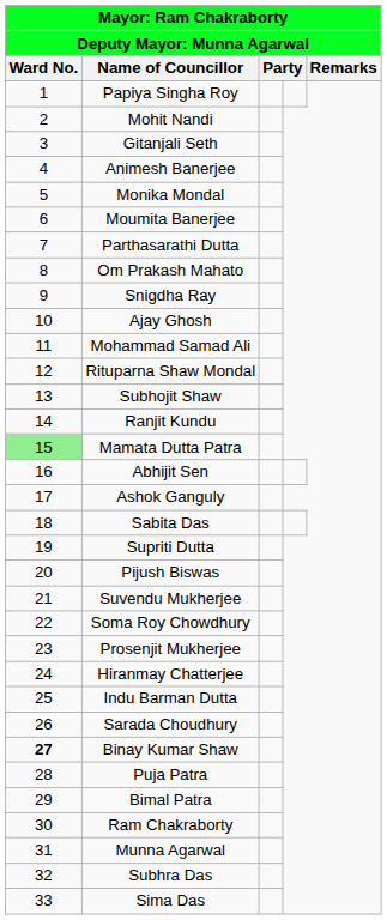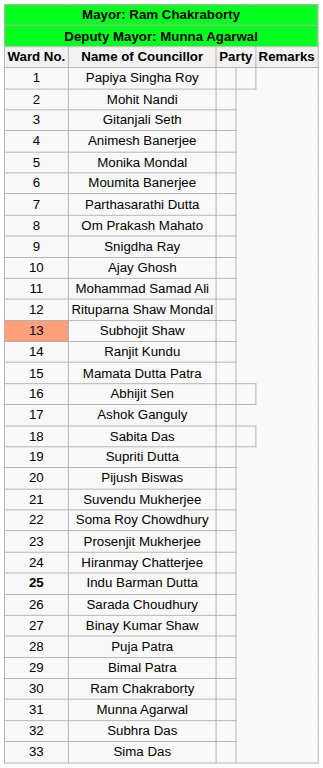 <table class="wikitable sortable" style="text-align:center;">
 <tr>
 <th style="background-color:#04FF21; color:black" coLspan=5><strong>Mayor: Ram Chakraborty</strong></th>
 </tr>
 <tr>
 <th style="background-color:#04FF21; color:black" colspan=5><strong>Deputy Mayor: Munna Agarwal</strong></th>
 </tr>
 <tr>
 <th>Ward No.</th>
 <th>Name of Councillor</th>
 <th colspan="2">Party</th>
 <th>Remarks</th>
 </tr>
 <tr>
 <td>1</td>
 <td>Papiya Singha Roy</td>
 <td></td>
 <td></td>
 </tr>
 <tr>
 <td>2</td>
 <td>Mohit Nandi</td>
 <td></td>
 </tr>
 <tr>
 <td>3</td>
 <td>Gitanjali Seth</td>
 <td></td>
 </tr>
 <tr>
 <td>4</td>
 <td>Animesh Banerjee</td>
 <td></td>
 </tr>
 <tr>
 <td>5</td>
 <td>Monika Mondal</td>
 <td></td>
 </tr>
 <tr>
 <td>6</td>
 <td>Moumita Banerjee</td>
 <td></td>
 </tr>
 <tr>
 <td>7</td>
 <td>Parthasarathi Dutta</td>
 <td></td>
 </tr>
 <tr>
 <td>8</td>
 <td>Om Prakash Mahato</td>
 <td></td>
 </tr>
 <tr>
 <td>9</td>
 <td>Snigdha Ray</td>
 <td></td>
 </tr>
 <tr>
 <td>10</td>
 <td>Ajay Ghosh</td>
 <td></td>
 </tr>
 <tr>
 <td>11</td>
 <td>Mohammad Samad Ali</td>
 <td></td>
 </tr>
 <tr>
 <td>12</td>
 <td>Rituparna Shaw Mondal</td>
 <td></td>
 </tr>
 <tr>
-<td>13</td>
+<td style="background: lightsalmon;">13</td>
 <td>Subhojit Shaw</td>
 <td></td>
 </tr>
 <tr>
 <td>14</td>
 <td>Ranjit Kundu</td>
 <td></td>
 </tr>
 <tr>
-<td style="background: lightgreen;">15</td>
+<td>15</td>
 <td>Mamata Dutta Patra</td>
 <td></td>
 </tr>
 <tr>
 <td>16</td>
 <td>Abhijit Sen</td>
 <td></td>
 <td></td>
 </tr>
 <tr>
 <td>17</td>
 <td>Ashok Ganguly</td>
 <td></td>
 </tr>
 <tr>
 <td>18</td>
 <td>Sabita Das</td>
 <td></td>
 <td></td>
 </tr>
 <tr>
 <td>19</td>
 <td>Supriti Dutta</td>
 <td></td>
 </tr>
 <tr>
 <td>20</td>
 <td>Pijush Biswas</td>
 <td></td>
 </tr>
 <tr>
 <td>21</td>
 <td>Suvendu Mukherjee</td>
 <td></td>
 </tr>
 <tr>
 <td>22</td>
 <td>Soma Roy Chowdhury</td>
 <td></td>
 </tr>
 <tr>
 <td>23</td>
 <td>Prosenjit Mukherjee</td>
 <td></td>
 </tr>
 <tr>
 <td>24</td>
 <td>Hiranmay Chatterjee</td>
 <td></td>
 </tr>
 <tr>
-<td>25</td>
+<td><strong>25</strong></td>
 <td>Indu Barman Dutta</td>
 <td></td>
 </tr>
 <tr>
 <td>26</td>
 <td>Sarada Choudhury</td>
 <td></td>
 </tr>
 <tr>
-<td><strong>27</strong></td>
+<td>27</td>
 <td>Binay Kumar Shaw</td>
 <td></td>
 </tr>
 <tr>
 <td>28</td>
 <td>Puja Patra</td>
 <td></td>
 </tr>
 <tr>
 <td>29</td>
 <td>Bimal Patra</td>
 <td></td>
 </tr>
 <tr>
 <td>30</td>
 <td>Ram Chakraborty</td>
 <td></td>
 </tr>
 <tr>
 <td>31</td>
 <td>Munna Agarwal</td>
 <td></td>
 </tr>
 <tr>
 <td>32</td>
 <td>Subhra Das</td>
 <td></td>
 </tr>
 <tr>
 <td>33</td>
 <td>Sima Das</td>
 <td></td>
 </tr>
 </table>
